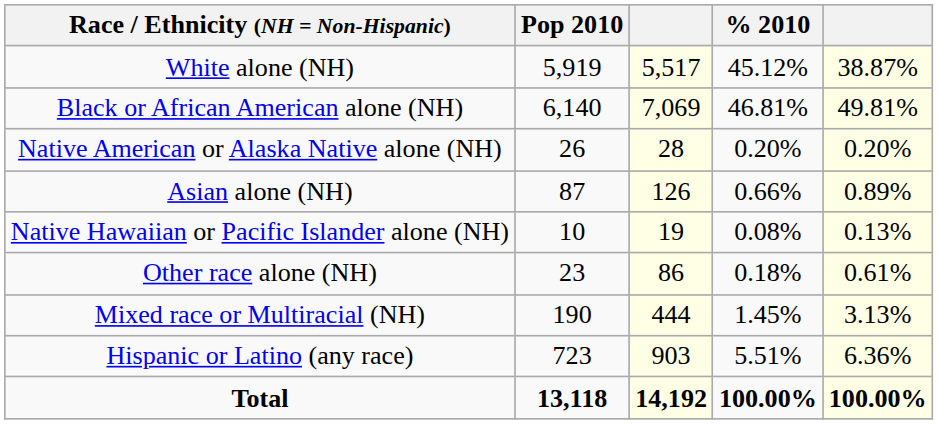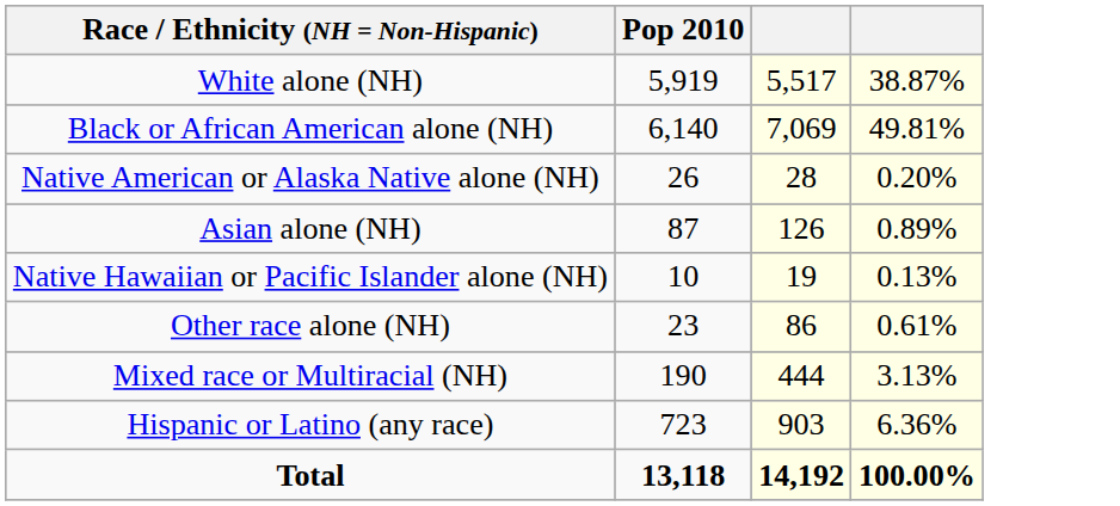 <table class="wikitable" style="text-align:center;">
 <tr>
 <th>Race / Ethnicity <small>(<em>NH = Non-Hispanic</em>)</small></th>
 <th>Pop 2010</th>
 <th></th>
-<th>% 2010</th>
 <th></th>
 </tr>
 <tr>
 <td><a href='#'>White</a> alone (NH)</td>
 <td>5,919</td>
 <td style='background: #ffffe6;'>5,517</td>
-<td>45.12%</td>
 <td style='background: #ffffe6;'>38.87%</td>
 </tr>
 <tr>
 <td><a href='#'>Black or African American</a> alone (NH)</td>
 <td>6,140</td>
 <td style='background: #ffffe6;'>7,069</td>
-<td>46.81%</td>
 <td style='background: #ffffe6;'>49.81%</td>
 </tr>
 <tr>
 <td><a href='#'>Native American</a> or <a href='#'>Alaska Native</a> alone (NH)</td>
 <td>26</td>
 <td style='background: #ffffe6;'>28</td>
-<td>0.20%</td>
 <td style='background: #ffffe6;'>0.20%</td>
 </tr>
 <tr>
 <td><a href='#'>Asian</a> alone (NH)</td>
 <td>87</td>
 <td style='background: #ffffe6;'>126</td>
-<td>0.66%</td>
 <td style='background: #ffffe6;'>0.89%</td>
 </tr>
 <tr>
 <td><a href='#'>Native Hawaiian</a> or <a href='#'>Pacific Islander</a> alone (NH)</td>
 <td>10</td>
 <td style='background: #ffffe6;'>19</td>
-<td>0.08%</td>
 <td style='background: #ffffe6;'>0.13%</td>
 </tr>
 <tr>
 <td><a href='#'>Other race</a> alone (NH)</td>
 <td>23</td>
 <td style='background: #ffffe6;'>86</td>
-<td>0.18%</td>
 <td style='background: #ffffe6;'>0.61%</td>
 </tr>
 <tr>
 <td><a href='#'>Mixed race or Multiracial</a> (NH)</td>
 <td>190</td>
 <td style='background: #ffffe6;'>444</td>
-<td>1.45%</td>
 <td style='background: #ffffe6;'>3.13%</td>
 </tr>
 <tr>
 <td><a href='#'>Hispanic or Latino</a> (any race)</td>
 <td>723</td>
 <td style='background: #ffffe6;'>903</td>
-<td>5.51%</td>
 <td style='background: #ffffe6;'>6.36%</td>
 </tr>
 <tr>
 <td><strong>Total</strong></td>
 <td><strong>13,118</strong></td>
 <td style='background: #ffffe6;'><strong>14,192</strong></td>
-<td><strong>100.00%</strong></td>
 <td style='background: #ffffe6;'><strong>100.00%</strong></td>
 </tr>
 </table>
